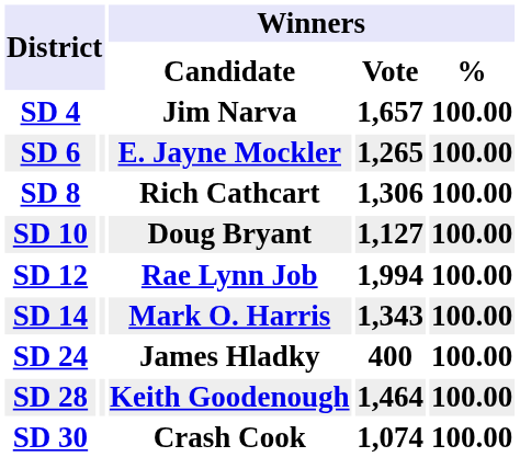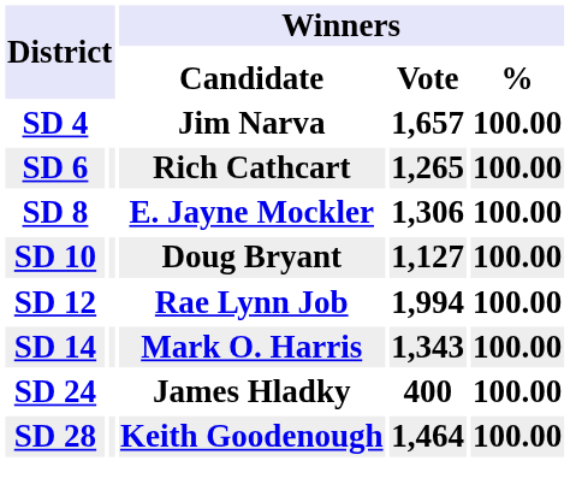 <table class="toccolours sortable" style="text-align:center;">
 <tr style="background:lavender">
 <th rowspan="3" colspan="2">District</th>
 <th colspan=3>Winners</th>
 </tr>
 <tr>
 <th colspan=3 style="background-color:"></th>
 </tr>
 <tr>
 <th align="center">Candidate</th>
 <th align="center">Vote</th>
 <th align="center">%</th>
 </tr>
 <tr>
 <th><a href='#'>SD 4</a></th>
 <td style="background-color:"></td>
 <td><strong>Jim Narva</strong></td>
 <td><strong>1,657</strong></td>
 <td><strong>100.00</strong></td>
 </tr>
 <tr style="background:#EEEEEE;">
 <th><a href='#'>SD 6</a></th>
 <td style="background-color:"></td>
-<td><strong><a href='#'>E. Jayne Mockler</a></strong></td>
+<td><strong>Rich Cathcart</strong></td>
 <td><strong>1,265</strong></td>
 <td><strong>100.00</strong></td>
 </tr>
 <tr>
 <th><a href='#'>SD 8</a></th>
 <td style="background-color:"></td>
-<td><strong>Rich Cathcart</strong></td>
+<td><strong><a href='#'>E. Jayne Mockler</a></strong></td>
 <td><strong>1,306</strong></td>
 <td><strong>100.00</strong></td>
 </tr>
 <tr style="background:#EEEEEE;">
 <th><a href='#'>SD 10</a></th>
 <td style="background-color:"></td>
 <td><strong>Doug Bryant</strong></td>
 <td><strong>1,127</strong></td>
 <td><strong>100.00</strong></td>
 </tr>
 <tr>
 <th><a href='#'>SD 12</a></th>
 <td style="background-color:"></td>
 <td><strong><a href='#'>Rae Lynn Job</a></strong></td>
 <td><strong>1,994</strong></td>
 <td><strong>100.00</strong></td>
 </tr>
 <tr style="background:#EEEEEE;">
 <th><a href='#'>SD 14</a></th>
 <td style="background-color:"></td>
 <td><strong><a href='#'>Mark O. Harris</a></strong></td>
 <td><strong>1,343</strong></td>
 <td><strong>100.00</strong></td>
 </tr>
 <tr>
 <th><a href='#'>SD 24</a></th>
 <td style="background-color:"></td>
 <td><strong>James Hladky</strong></td>
 <td><strong>400</strong></td>
 <td><strong>100.00</strong></td>
 </tr>
 <tr style="background:#EEEEEE;">
 <th><a href='#'>SD 28</a></th>
 <td style="background-color:"></td>
 <td><strong><a href='#'>Keith Goodenough</a></strong></td>
 <td><strong>1,464</strong></td>
 <td><strong>100.00</strong></td>
 </tr>
-<tr>
-<th><a href='#'>SD 30</a></th>
-<td style="background-color:"></td>
-<td><strong>Crash Cook</strong></td>
-<td><strong>1,074</strong></td>
-<td><strong>100.00</strong></td>
-</tr>
 </table>
